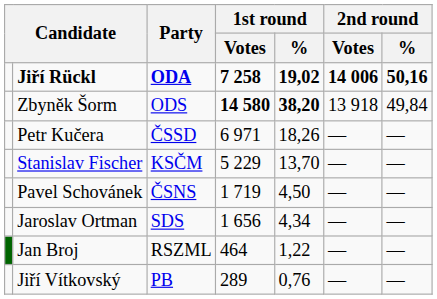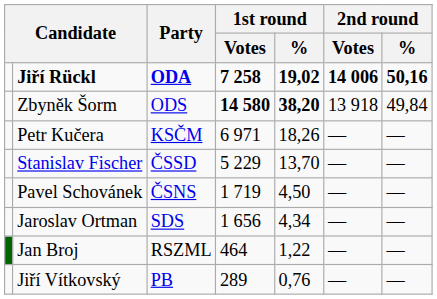 <table class="wikitable sortable">
 <tr>
 <th colspan="2" rowspan="2">Candidate</th>
 <th rowspan="2">Party</th>
 <th colspan="2">1st round</th>
 <th colspan="2">2nd round</th>
 </tr>
 <tr>
 <th>Votes</th>
 <th>%</th>
 <th>Votes</th>
 <th>%</th>
 </tr>
 <tr>
 <td style="background-color:"></td>
 <td><strong>Jiří Rückl</strong></td>
 <td><a href='#'><strong>ODA</strong></a></td>
 <td><strong>7 258</strong></td>
 <td><strong>19,02</strong></td>
 <td><strong>14 006</strong></td>
 <td><strong>50,16</strong></td>
 </tr>
 <tr>
 <td style="background-color:"></td>
 <td>Zbyněk Šorm</td>
 <td><a href='#'>ODS</a></td>
 <td><strong>14 580</strong></td>
 <td><strong>38,20</strong></td>
 <td>13 918</td>
 <td>49,84</td>
 </tr>
 <tr>
 <td style="background-color:"></td>
 <td>Petr Kučera</td>
-<td><a href='#'>ČSSD</a></td>
+<td><a href='#'>KSČM</a></td>
 <td>6 971</td>
 <td>18,26</td>
 <td>—</td>
 <td>—</td>
 </tr>
 <tr>
 <td style="background-color:"></td>
 <td><a href='#'>Stanislav Fischer</a></td>
-<td><a href='#'>KSČM</a></td>
+<td><a href='#'>ČSSD</a></td>
 <td>5 229</td>
 <td>13,70</td>
 <td>—</td>
 <td>—</td>
 </tr>
 <tr>
 <td style="background-color:"></td>
 <td>Pavel Schovánek</td>
 <td><a href='#'>ČSNS</a></td>
 <td>1 719</td>
 <td>4,50</td>
 <td>—</td>
 <td>—</td>
 </tr>
 <tr>
 <td style="background-color:"></td>
 <td>Jaroslav Ortman</td>
 <td><a href='#'>SDS</a></td>
 <td>1 656</td>
 <td>4,34</td>
 <td>—</td>
 <td>—</td>
 </tr>
 <tr>
 <td style="background-color:darkgreen"></td>
 <td>Jan Broj</td>
 <td>RSZML</td>
 <td>464</td>
 <td>1,22</td>
 <td>—</td>
 <td>—</td>
 </tr>
 <tr>
 <td style="background-color:"></td>
 <td>Jiří Vítkovský</td>
 <td><a href='#'>PB</a></td>
 <td>289</td>
 <td>0,76</td>
 <td>—</td>
 <td>—</td>
 </tr>
 </table>
